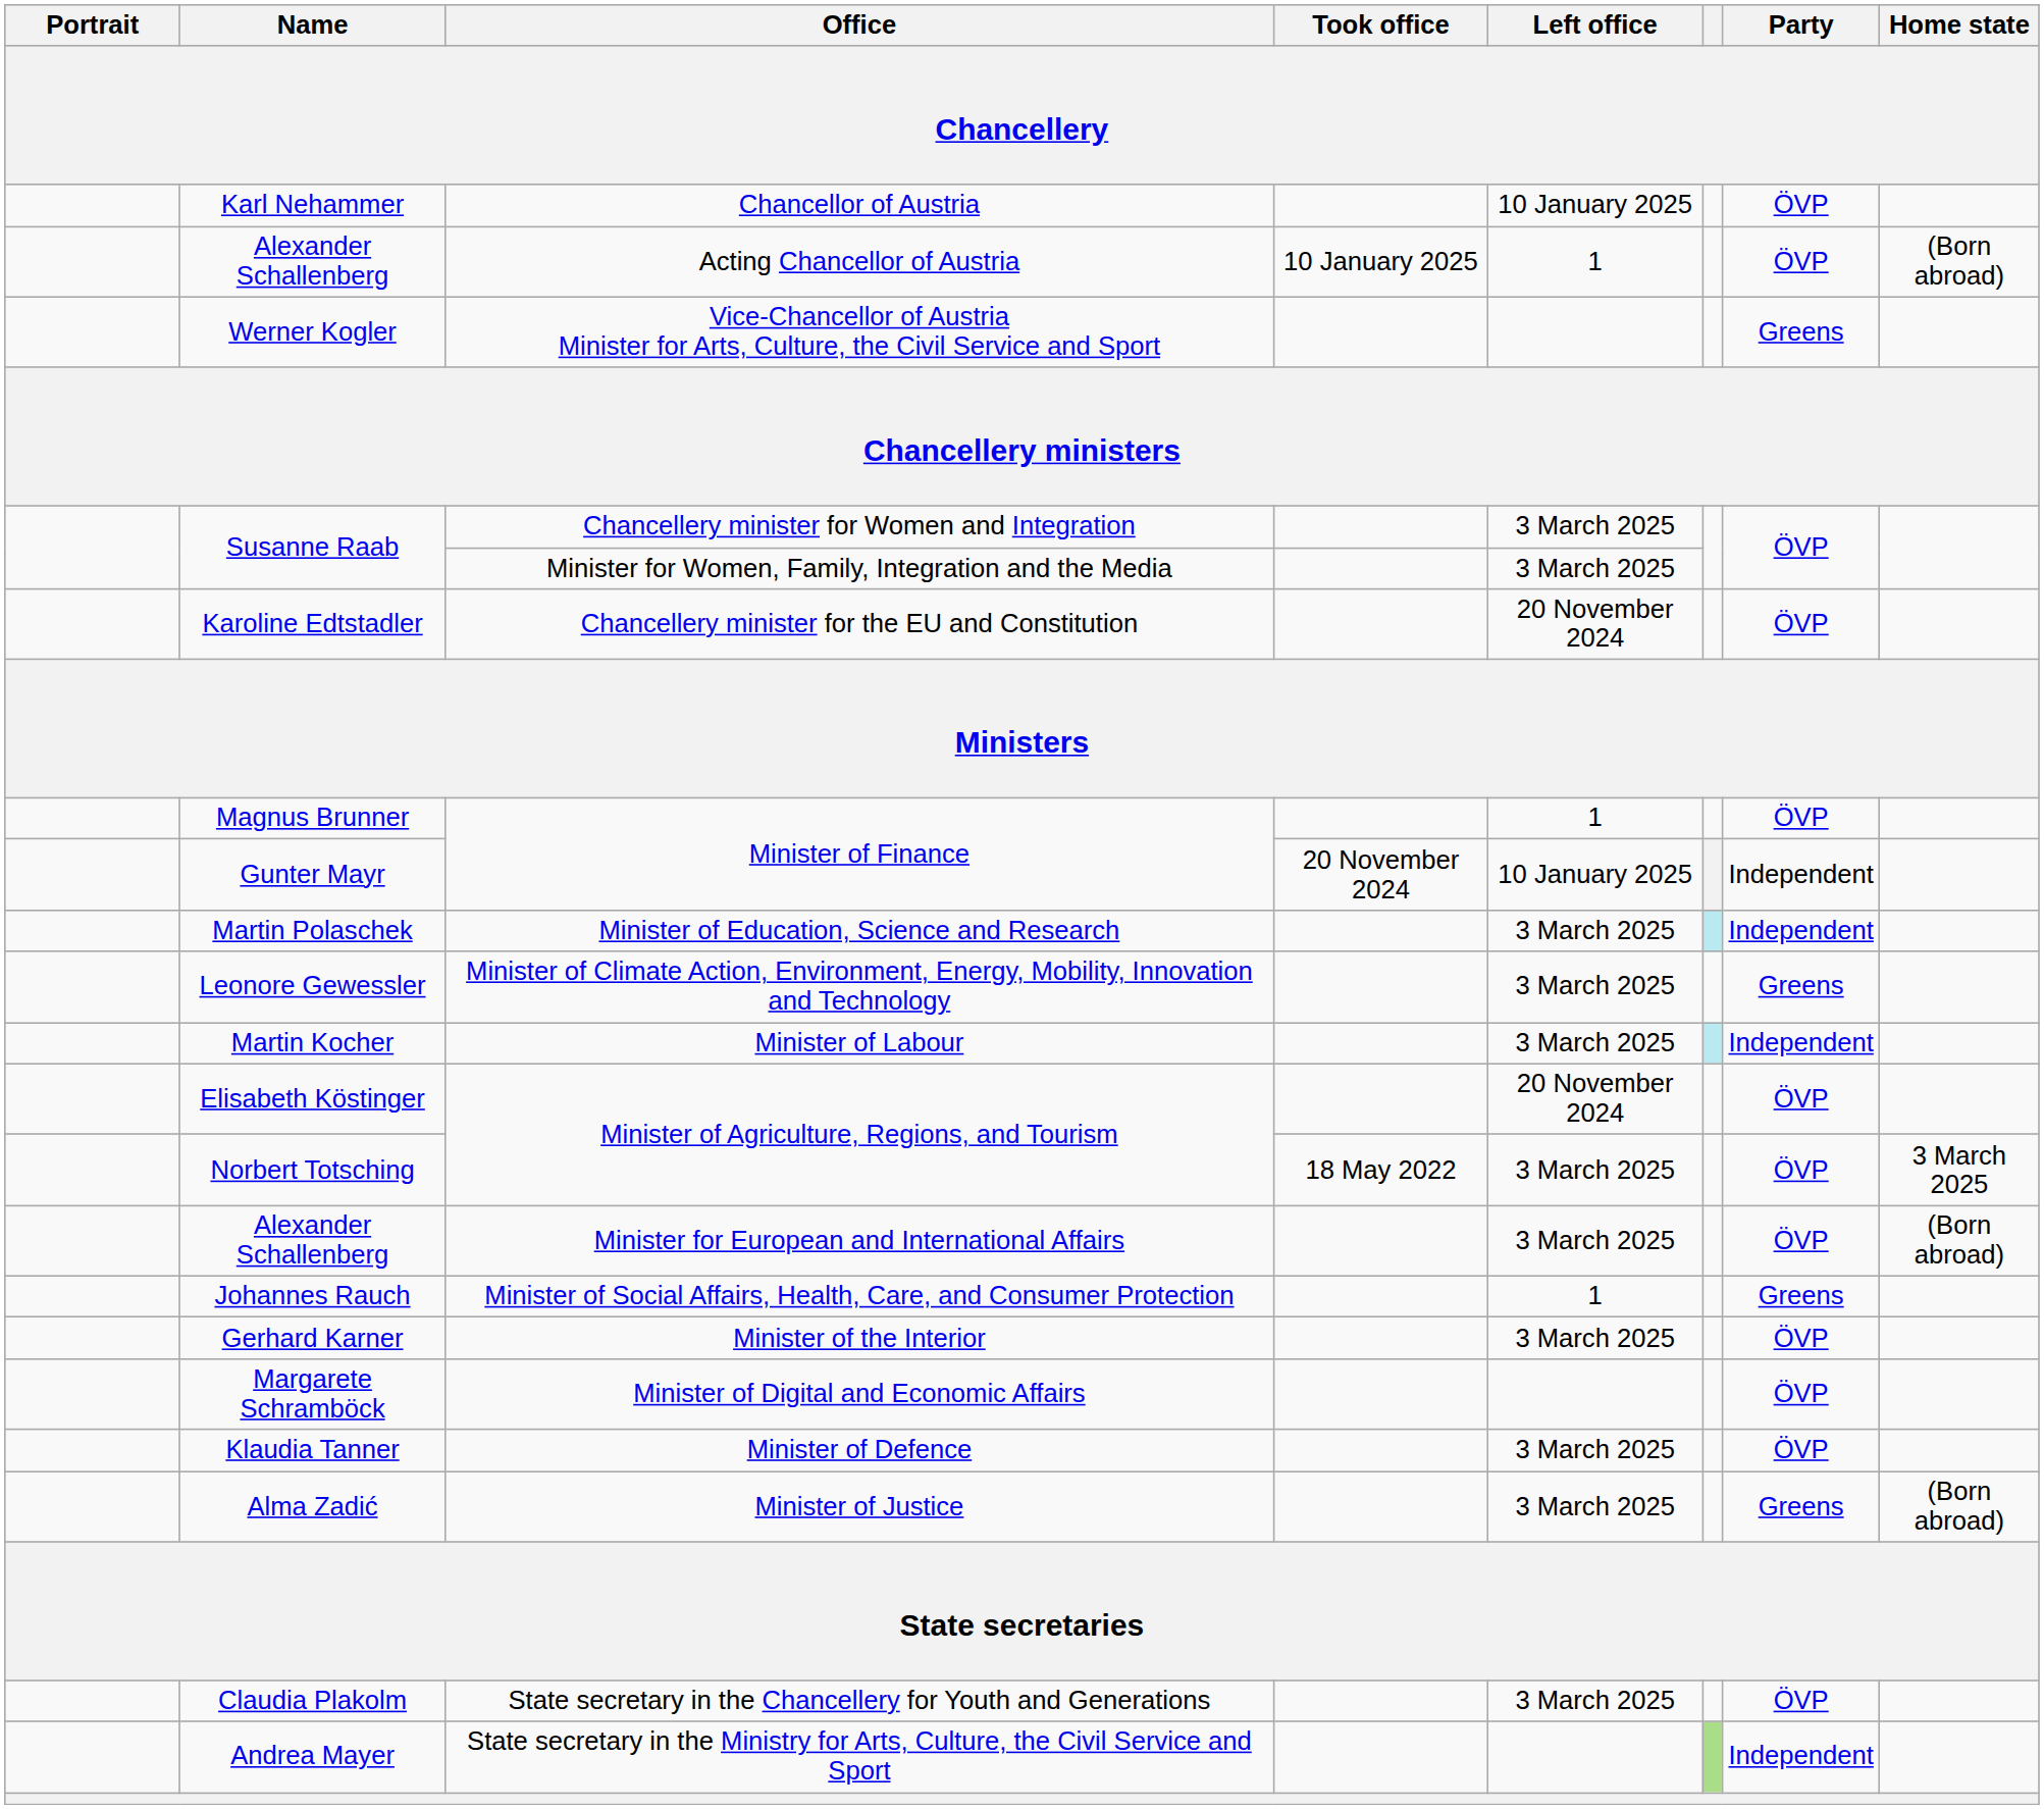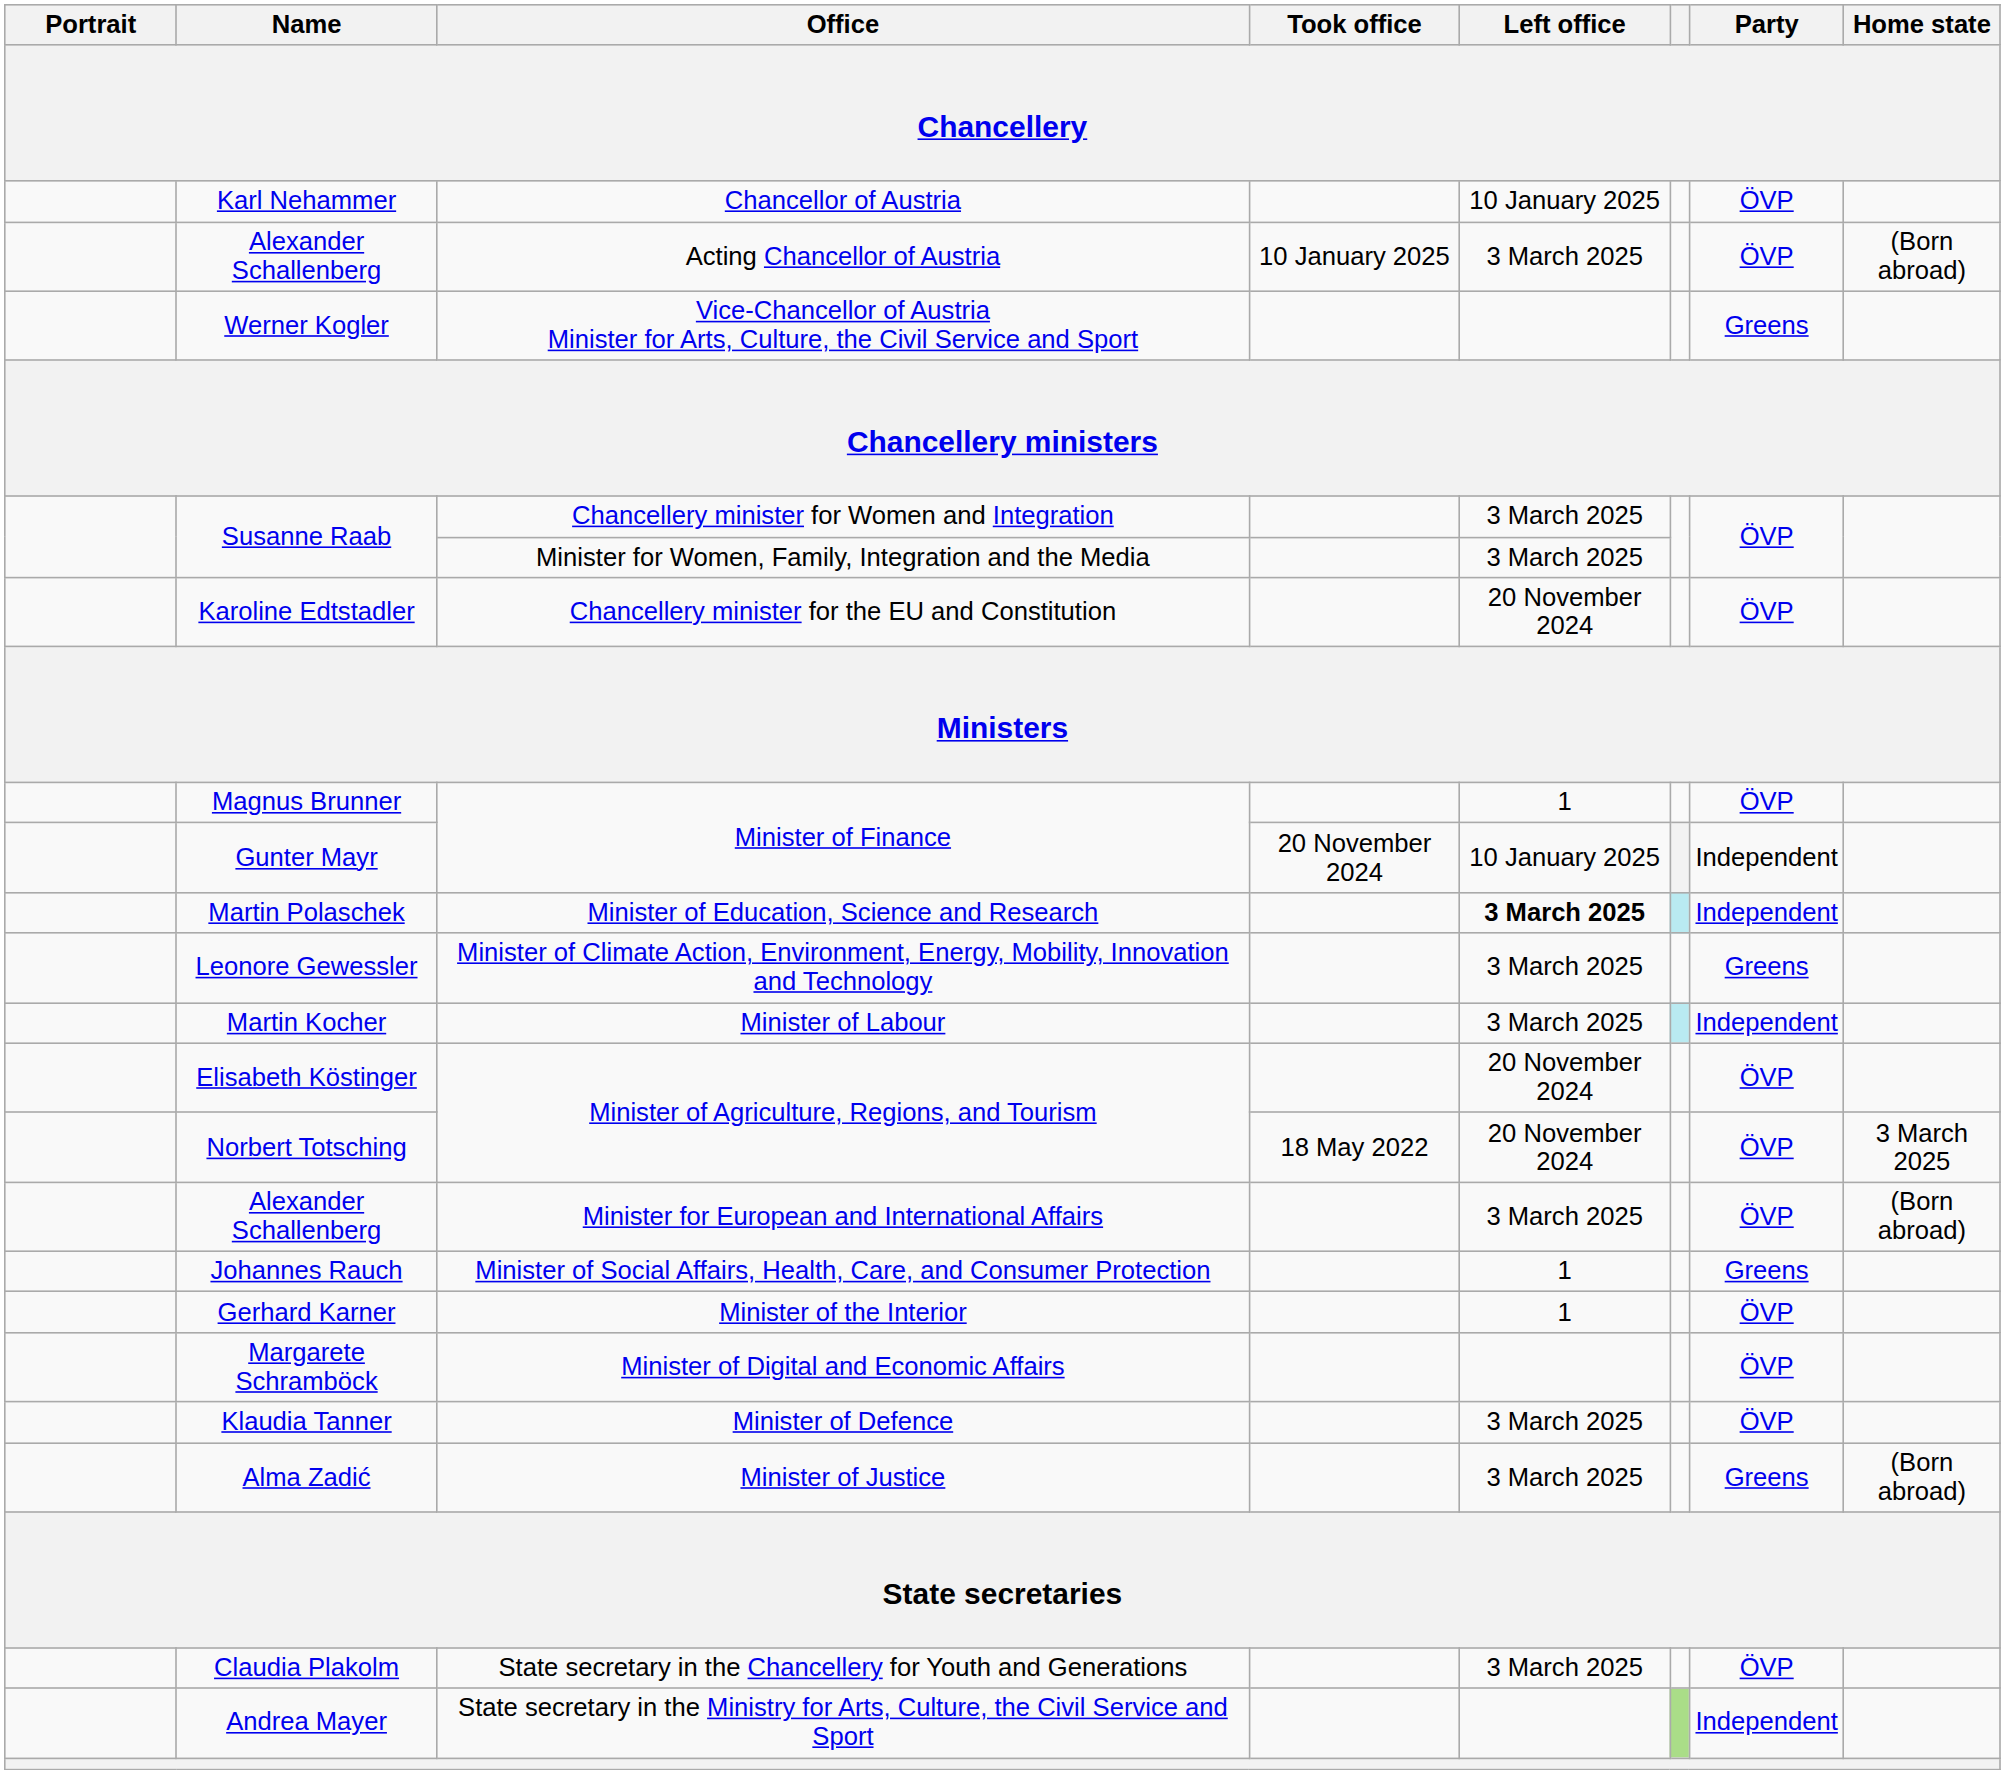 <table class="wikitable sortable" style="border:#555; text-align:center; ">
 <tr>
 <th class="unsortable" style="width:100px;">Portrait</th>
 <th>Name</th>
 <th>Office</th>
 <th>Took office</th>
 <th>Left office</th>
 <th class="unsortable" style="width:5px;"></th>
 <th>Party</th>
 <th>Home state</th>
 </tr>
 <tr>
 <th colspan="9"><br><h3><a href='#'>Chancellery</a></h3></th>
 </tr>
 <tr>
 <td></td>
 <td><a href='#'>Karl Nehammer</a></td>
 <td><a href='#'>Chancellor of Austria</a></td>
 <td></td>
 <td>10 January 2025</td>
 <td style="background-color: "></td>
 <td><a href='#'>ÖVP</a></td>
 <td></td>
 </tr>
 <tr>
 <td></td>
 <td><a href='#'>Alexander Schallenberg</a></td>
 <td>Acting <a href='#'>Chancellor of Austria</a></td>
 <td>10 January 2025</td>
-<td>1</td>
+<td>3 March 2025</td>
 <td style="background-color: "></td>
 <td><a href='#'>ÖVP</a></td>
 <td>(Born abroad)</td>
 </tr>
 <tr>
 <td></td>
 <td><a href='#'>Werner Kogler</a></td>
 <td><a href='#'>Vice-Chancellor of Austria</a><br><a href='#'>Minister for Arts, Culture, the Civil Service and Sport</a></td>
 <td></td>
 <td> </td>
 <td style="background-color: "></td>
 <td><a href='#'>Greens</a></td>
 <td></td>
 </tr>
 <tr>
 <th colspan="9"><br><h3><a href='#'>Chancellery ministers</a></h3></th>
 </tr>
 <tr>
 <td rowspan="2"></td>
 <td rowspan="2"><a href='#'>Susanne Raab</a></td>
 <td><a href='#'>Chancellery minister</a> for Women and <a href='#'>Integration</a></td>
 <td></td>
 <td>3 March 2025</td>
 <td rowspan="2" style="background-color: "></td>
 <td rowspan="2"><a href='#'>ÖVP</a></td>
 <td rowspan="2"></td>
 </tr>
 <tr>
 <td>Minister for Women, Family, Integration and the Media</td>
 <td></td>
 <td>3 March 2025</td>
 </tr>
 <tr>
 <td></td>
 <td><a href='#'>Karoline Edtstadler</a></td>
 <td><a href='#'>Chancellery minister</a> for the EU and Constitution</td>
 <td></td>
 <td>20 November 2024</td>
 <td style="background-color: "></td>
 <td><a href='#'>ÖVP</a></td>
 <td></td>
 </tr>
 <tr>
 <th colspan="9"><br><h3><a href='#'>Ministers</a></h3></th>
 </tr>
 <tr>
 <td></td>
 <td><a href='#'>Magnus Brunner</a></td>
 <td rowspan="2"><a href='#'>Minister of Finance</a></td>
 <td></td>
 <td>1</td>
 <td style="background-color: "></td>
 <td><a href='#'>ÖVP</a></td>
 <td></td>
 </tr>
 <tr>
 <td></td>
 <td><a href='#'>Gunter Mayr</a></td>
 <td>20 November 2024</td>
 <td>10 January 2025</td>
 <th></th>
 <td>Independent</td>
 <td></td>
 </tr>
 <tr>
 <td></td>
 <td><a href='#'>Martin Polaschek</a></td>
 <td><a href='#'>Minister of Education, Science and Research</a></td>
 <td></td>
-<td>3 March 2025</td>
+<td><strong>3 March 2025</strong></td>
 <td style="background-color: #b9eaf1"></td>
 <td><a href='#'>Independent</a><br></td>
 <td></td>
 </tr>
 <tr>
 <td></td>
 <td><a href='#'>Leonore Gewessler</a></td>
 <td><a href='#'>Minister of Climate Action, Environment, Energy, Mobility, Innovation and Technology</a></td>
 <td></td>
 <td>3 March 2025</td>
 <td style="background-color: "></td>
 <td><a href='#'>Greens</a></td>
 <td></td>
 </tr>
 <tr>
 <td></td>
 <td><a href='#'>Martin Kocher</a></td>
 <td><a href='#'>Minister of Labour</a></td>
 <td></td>
 <td>3 March 2025</td>
 <td style="background-color: #b9eaf1"></td>
 <td><a href='#'>Independent</a><br></td>
 <td></td>
 </tr>
 <tr>
 <td></td>
 <td><a href='#'>Elisabeth Köstinger</a></td>
 <td rowspan="2"><a href='#'>Minister of Agriculture, Regions, and Tourism</a></td>
 <td></td>
 <td>20 November 2024</td>
 <td style="background-color: "></td>
 <td><a href='#'>ÖVP</a></td>
 <td></td>
 </tr>
 <tr>
 <td></td>
 <td><a href='#'>Norbert Totsching</a></td>
 <td>18 May 2022</td>
-<td>3 March 2025</td>
+<td>20 November 2024</td>
 <td style="background-color: "></td>
 <td><a href='#'>ÖVP</a></td>
 <td>3 March 2025</td>
 </tr>
 <tr>
 <td></td>
 <td><a href='#'>Alexander Schallenberg</a></td>
 <td><a href='#'>Minister for European and International Affairs</a></td>
 <td></td>
 <td>3 March 2025</td>
 <td style="background-color: "></td>
 <td><a href='#'>ÖVP</a></td>
 <td>(Born abroad)</td>
 </tr>
 <tr>
 <td></td>
 <td><a href='#'>Johannes Rauch</a></td>
 <td><a href='#'>Minister of Social Affairs, Health, Care, and Consumer Protection</a></td>
 <td></td>
 <td>1</td>
 <td style="background-color: "></td>
 <td><a href='#'>Greens</a></td>
 <td></td>
 </tr>
 <tr>
 <td></td>
 <td><a href='#'>Gerhard Karner</a></td>
 <td><a href='#'>Minister of the Interior</a></td>
 <td></td>
-<td>3 March 2025</td>
+<td>1</td>
 <td style="background-color: "></td>
 <td><a href='#'>ÖVP</a></td>
 <td></td>
 </tr>
 <tr>
 <td></td>
 <td><a href='#'>Margarete Schramböck</a></td>
 <td><a href='#'>Minister of Digital and Economic Affairs</a></td>
 <td></td>
 <td></td>
 <td style="background-color: "></td>
 <td><a href='#'>ÖVP</a></td>
 <td></td>
 </tr>
 <tr>
 <td></td>
 <td><a href='#'>Klaudia Tanner</a></td>
 <td><a href='#'>Minister of Defence</a></td>
 <td></td>
 <td>3 March 2025</td>
 <td style="background-color: "></td>
 <td><a href='#'>ÖVP</a></td>
 <td></td>
 </tr>
 <tr>
 <td></td>
 <td><a href='#'>Alma Zadić</a></td>
 <td><a href='#'>Minister of Justice</a></td>
 <td></td>
 <td>3 March 2025</td>
 <td style="background-color: "></td>
 <td><a href='#'>Greens</a></td>
 <td>(Born abroad)</td>
 </tr>
 <tr>
 <th colspan="9"><br><h3>State secretaries</h3></th>
 </tr>
 <tr>
 <td></td>
 <td><a href='#'>Claudia Plakolm</a></td>
 <td>State secretary in the <a href='#'>Chancellery</a> for Youth and Generations</td>
 <td></td>
 <td>3 March 2025</td>
 <td style="background-color: "></td>
 <td><a href='#'>ÖVP</a></td>
 <td></td>
 </tr>
 <tr>
 <td></td>
 <td><a href='#'>Andrea Mayer</a></td>
 <td>State secretary in the <a href='#'>Ministry for Arts, Culture, the Civil Service and Sport</a></td>
 <td></td>
 <td></td>
 <td style="background-color: #aadd88"></td>
 <td><a href='#'>Independent</a><br></td>
 <td></td>
 </tr>
 <tr>
 <th colspan="9"></th>
 </tr>
 </table>
